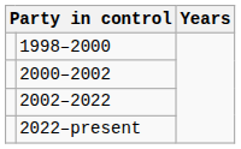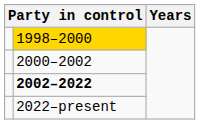 <table class="wikitable">
 <tr>
 <th colspan="2">Party in control</th>
 <th>Years</th>
 </tr>
 <tr>
 <td></td>
-<td>1998–2000</td>
+<td style="background: gold;">1998–2000</td>
 </tr>
 <tr>
 <td></td>
 <td>2000–2002</td>
 </tr>
 <tr>
 <td></td>
-<td>2002–2022</td>
+<td><strong>2002–2022</strong></td>
 </tr>
 <tr>
 <td></td>
 <td>2022–present</td>
 </tr>
 </table>
